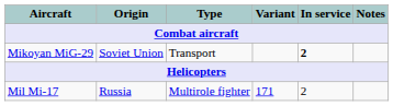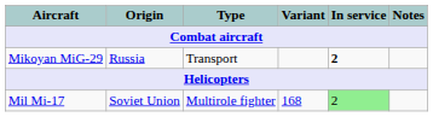 <table class="wikitable">
 <tr>
 <th style="text-align:center; background:#acc;">Aircraft</th>
 <th style="text-align: center; background:#acc;">Origin</th>
 <th style="text-align:l center; background:#acc;">Type</th>
 <th style="text-align:left; background:#acc;">Variant</th>
 <th style="text-align:center; background:#acc;">In service</th>
 <th style="text-align: center; background:#acc;">Notes</th>
 </tr>
 <tr>
 <th style="align: center; background: lavender;" colspan="7"><a href='#'>Combat aircraft</a></th>
 </tr>
 <tr>
 <td><a href='#'>Mikoyan MiG-29</a></td>
-<td><a href='#'>Soviet Union</a></td>
+<td><a href='#'>Russia</a></td>
 <td>Transport</td>
 <td></td>
 <td><strong>2</strong></td>
 <td></td>
 </tr>
 <tr>
 <th style="align: center; background: lavender;" colspan="7"><a href='#'>Helicopters</a></th>
 </tr>
 <tr>
 <td><a href='#'>Mil Mi-17</a></td>
-<td><a href='#'>Russia</a></td>
+<td><a href='#'>Soviet Union</a></td>
 <td><a href='#'>Multirole fighter</a></td>
-<td><a href='#'>171</a></td>
-<td>2</td>
+<td><a href='#'>168</a></td>
+<td style="background: lightgreen;">2</td>
 <td></td>
 </tr>
 </table>
